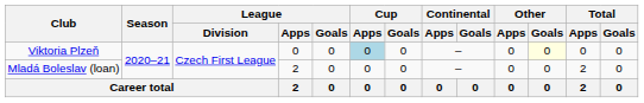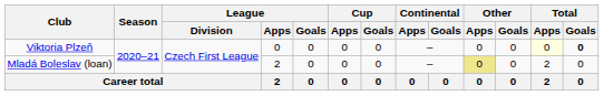 <table class="wikitable" style="text-align: center">
 <tr>
 <th rowspan="2">Club</th>
 <th rowspan="2">Season</th>
 <th colspan="3">League</th>
 <th colspan="2">Cup</th>
 <th colspan="2">Continental</th>
 <th colspan="2">Other</th>
 <th colspan="2">Total</th>
 </tr>
 <tr>
 <th>Division</th>
 <th>Apps</th>
 <th>Goals</th>
 <th>Apps</th>
 <th>Goals</th>
 <th>Apps</th>
 <th>Goals</th>
 <th>Apps</th>
 <th>Goals</th>
 <th>Apps</th>
 <th>Goals</th>
 </tr>
 <tr>
 <td><a href='#'>Viktoria Plzeň</a></td>
 <td rowspan="2"><a href='#'>2020–21</a></td>
 <td rowspan="2"><a href='#'>Czech First League</a></td>
 <td>0</td>
 <td>0</td>
-<td style="background: lightblue;">0</td>
+<td>0</td>
 <td>0</td>
 <td colspan="2">–</td>
 <td>0</td>
+<td>0</td>
 <td style="background: lightyellow;">0</td>
-<td>0</td>
-<td>0</td>
+<td><strong>0</strong></td>
 </tr>
 <tr>
 <td><a href='#'>Mladá Boleslav</a> (loan)</td>
 <td>2</td>
 <td>0</td>
 <td>0</td>
 <td>0</td>
 <td colspan="2">–</td>
-<td>0</td>
+<td style="background: khaki;">0</td>
 <td>0</td>
 <td>2</td>
 <td>0</td>
 </tr>
 <tr>
 <th colspan="3"><strong>Career total</strong></th>
 <th>2</th>
 <th>0</th>
 <th>0</th>
 <th>0</th>
 <th>0</th>
 <th>0</th>
 <th>0</th>
 <th>0</th>
 <th>2</th>
 <th>0</th>
 </tr>
 </table>
